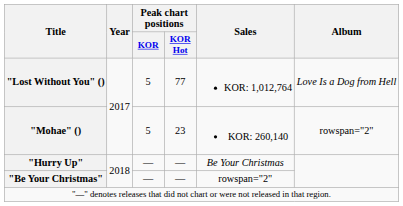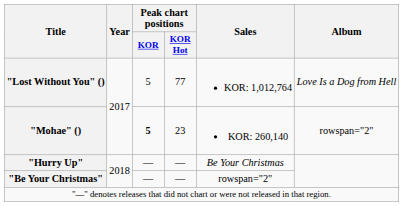 <table class="wikitable plainrowheaders" style="text-align:center;">
 <tr>
 <th scope="col" rowspan="2">Title</th>
 <th scope="col" rowspan="2">Year</th>
 <th scope="col" colspan="2">Peak chart positions</th>
 <th scope="col" rowspan="2">Sales</th>
 <th scope="col" rowspan="2">Album</th>
 </tr>
 <tr>
 <th scope="col" style="width:3em;font-size:90%;"><a href='#'>KOR</a><br></th>
 <th scope="col" style="width:3em;font-size:90%;"><a href='#'>KOR<br>Hot</a><br></th>
 </tr>
 <tr>
 <th scope="row">"Lost Without You" ()<br></th>
 <td rowspan="2">2017</td>
 <td>5</td>
 <td>77</td>
 <td><br><ul><li>KOR: 1,012,764</li></ul></td>
 <td><em>Love Is a Dog from Hell</em></td>
 </tr>
 <tr>
 <th scope="row">"Mohae" ()<br></th>
-<td>5</td>
+<td><strong>5</strong></td>
 <td>23</td>
 <td><br><ul><li>KOR: 260,140</li></ul></td>
 <td>rowspan="2" </td>
 </tr>
 <tr>
 <th scope="row">"Hurry Up"<br></th>
 <td rowspan=2>2018</td>
 <td>—</td>
 <td>—</td>
 <td><em>Be Your Christmas</em></td>
 </tr>
 <tr>
 <th scope="row">"Be Your Christmas"<br></th>
 <td>—</td>
 <td>—</td>
 <td>rowspan="2" </td>
 </tr>
 <tr>
 <td colspan="8" style="font-size:85%;">"—" denotes releases that did not chart or were not released in that region.</td>
 </tr>
 </table>
